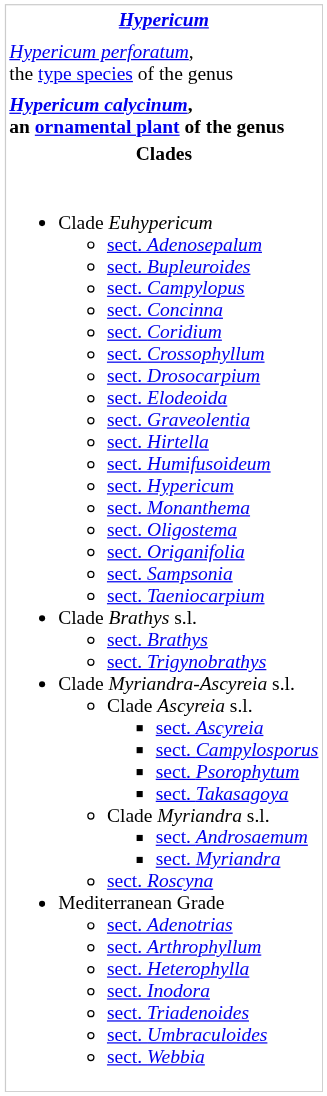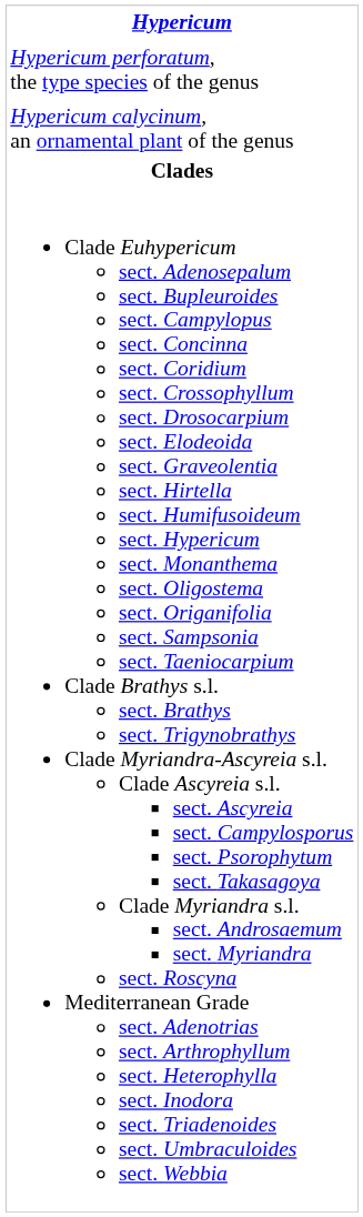 <table style="float: right; margin-left: 1em; border: 1px solid #ccc; margin-top: 5px;">
 <tr>
 <td style="text-align: center;"><strong><em><a href='#'>Hypericum</a></em></strong></td>
 </tr>
 <tr>
 <td></td>
 </tr>
 <tr>
 <td><em><a href='#'>Hypericum perforatum</a></em>,<br>the <a href='#'>type species</a> of the genus</td>
 </tr>
 <tr>
 <td></td>
 </tr>
 <tr>
-<td><strong><em><a href='#'>Hypericum calycinum</a></em>,<br>an  <a href='#'>ornamental plant</a> of the genus</strong></td>
+<td><em><a href='#'>Hypericum calycinum</a></em>,<br>an  <a href='#'>ornamental plant</a> of the genus</td>
 </tr>
 <tr>
 <td style="text-align: center;"><strong>Clades</strong></td>
 </tr>
 <tr>
 <td><br><ul><li>Clade <em>Euhypericum</em><ul><li><a href='#'>sect. <em>Adenosepalum</em></a></li><li><a href='#'>sect. <em>Bupleuroides</em></a></li><li><a href='#'>sect. <em>Campylopus</em></a></li><li><a href='#'>sect. <em>Concinna</em></a></li><li><a href='#'>sect. <em>Coridium</em></a></li><li><a href='#'>sect. <em>Crossophyllum</em></a></li><li><a href='#'>sect. <em>Drosocarpium</em></a></li><li><a href='#'>sect. <em>Elodeoida</em></a></li><li><a href='#'>sect. <em>Graveolentia</em></a></li><li><a href='#'>sect. <em>Hirtella</em></a></li><li><a href='#'>sect. <em>Humifusoideum</em></a></li><li><a href='#'>sect. <em>Hypericum</em></a></li><li><a href='#'>sect. <em>Monanthema</em></a></li><li><a href='#'>sect. <em>Oligostema</em></a></li><li><a href='#'>sect. <em>Origanifolia</em></a></li><li><a href='#'>sect. <em>Sampsonia</em></a></li><li><a href='#'>sect. <em>Taeniocarpium</em></a></li></ul></li><li>Clade <em>Brathys</em> s.l.<ul><li><a href='#'>sect. <em>Brathys</em></a></li><li><a href='#'>sect. <em>Trigynobrathys</em></a></li></ul></li><li>Clade <em>Myriandra</em>-<em>Ascyreia</em> s.l.<ul><li>Clade <em>Ascyreia</em> s.l.<ul><li><a href='#'>sect. <em>Ascyreia</em></a></li><li><a href='#'>sect. <em>Campylosporus</em></a></li><li><a href='#'>sect. <em>Psorophytum</em></a></li><li><a href='#'>sect. <em>Takasagoya</em></a></li></ul></li><li>Clade <em>Myriandra</em> s.l.<ul><li><a href='#'>sect. <em>Androsaemum</em></a></li><li><a href='#'>sect. <em>Myriandra</em></a></li></ul></li><li><a href='#'>sect. <em>Roscyna</em></a></li></ul></li><li>Mediterranean Grade<ul><li><a href='#'>sect. <em>Adenotrias</em></a></li><li><a href='#'>sect. <em>Arthrophyllum</em></a></li><li><a href='#'>sect. <em>Heterophylla</em></a></li><li><a href='#'>sect. <em>Inodora</em></a></li><li><a href='#'>sect. <em>Triadenoides</em></a></li><li><a href='#'>sect. <em>Umbraculoides</em></a></li><li><a href='#'>sect. <em>Webbia</em></a></li></ul></li></ul></td>
 </tr>
 </table>
